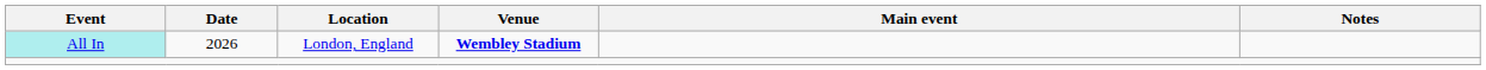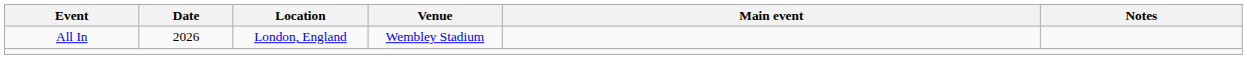 <table class="sortable wikitable succession-box" style="font-size:85%; text-align:center; width: 100%">
 <tr>
 <th scope="col" width="10%">Event</th>
 <th scope="col" width="7%">Date</th>
 <th scope="col" width="10%">Location</th>
 <th scope="col" width="10%">Venue</th>
 <th scope="col" width="40%">Main event</th>
 <th scope="col" width="15%">Notes</th>
 </tr>
 <tr>
-<td style="background: paleturquoise;"><a href='#'>All In</a></td>
+<td><a href='#'>All In</a></td>
 <td>2026</td>
 <td><a href='#'>London, England</a></td>
-<td><strong><a href='#'>Wembley Stadium</a></strong></td>
+<td><a href='#'>Wembley Stadium</a></td>
 <td></td>
 <td></td>
 </tr>
 <tr>
 <td colspan="6"></td>
 </tr>
 </table>
